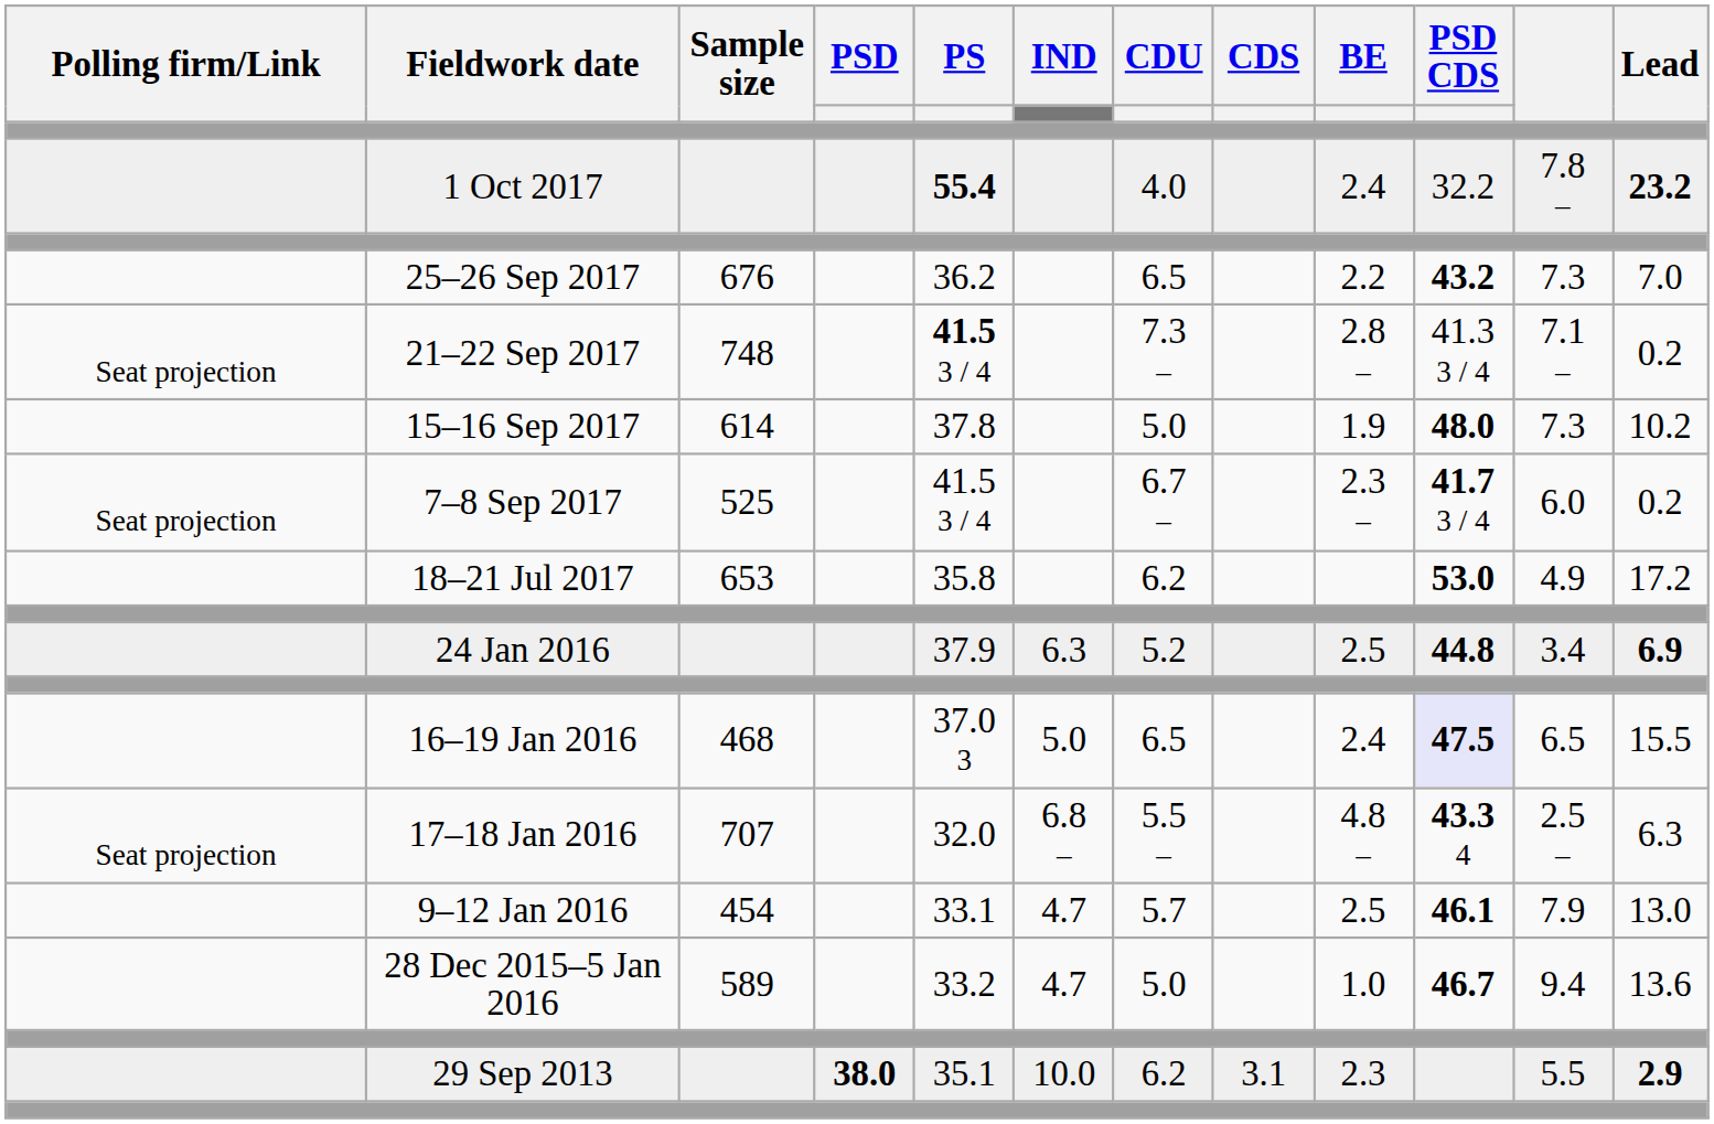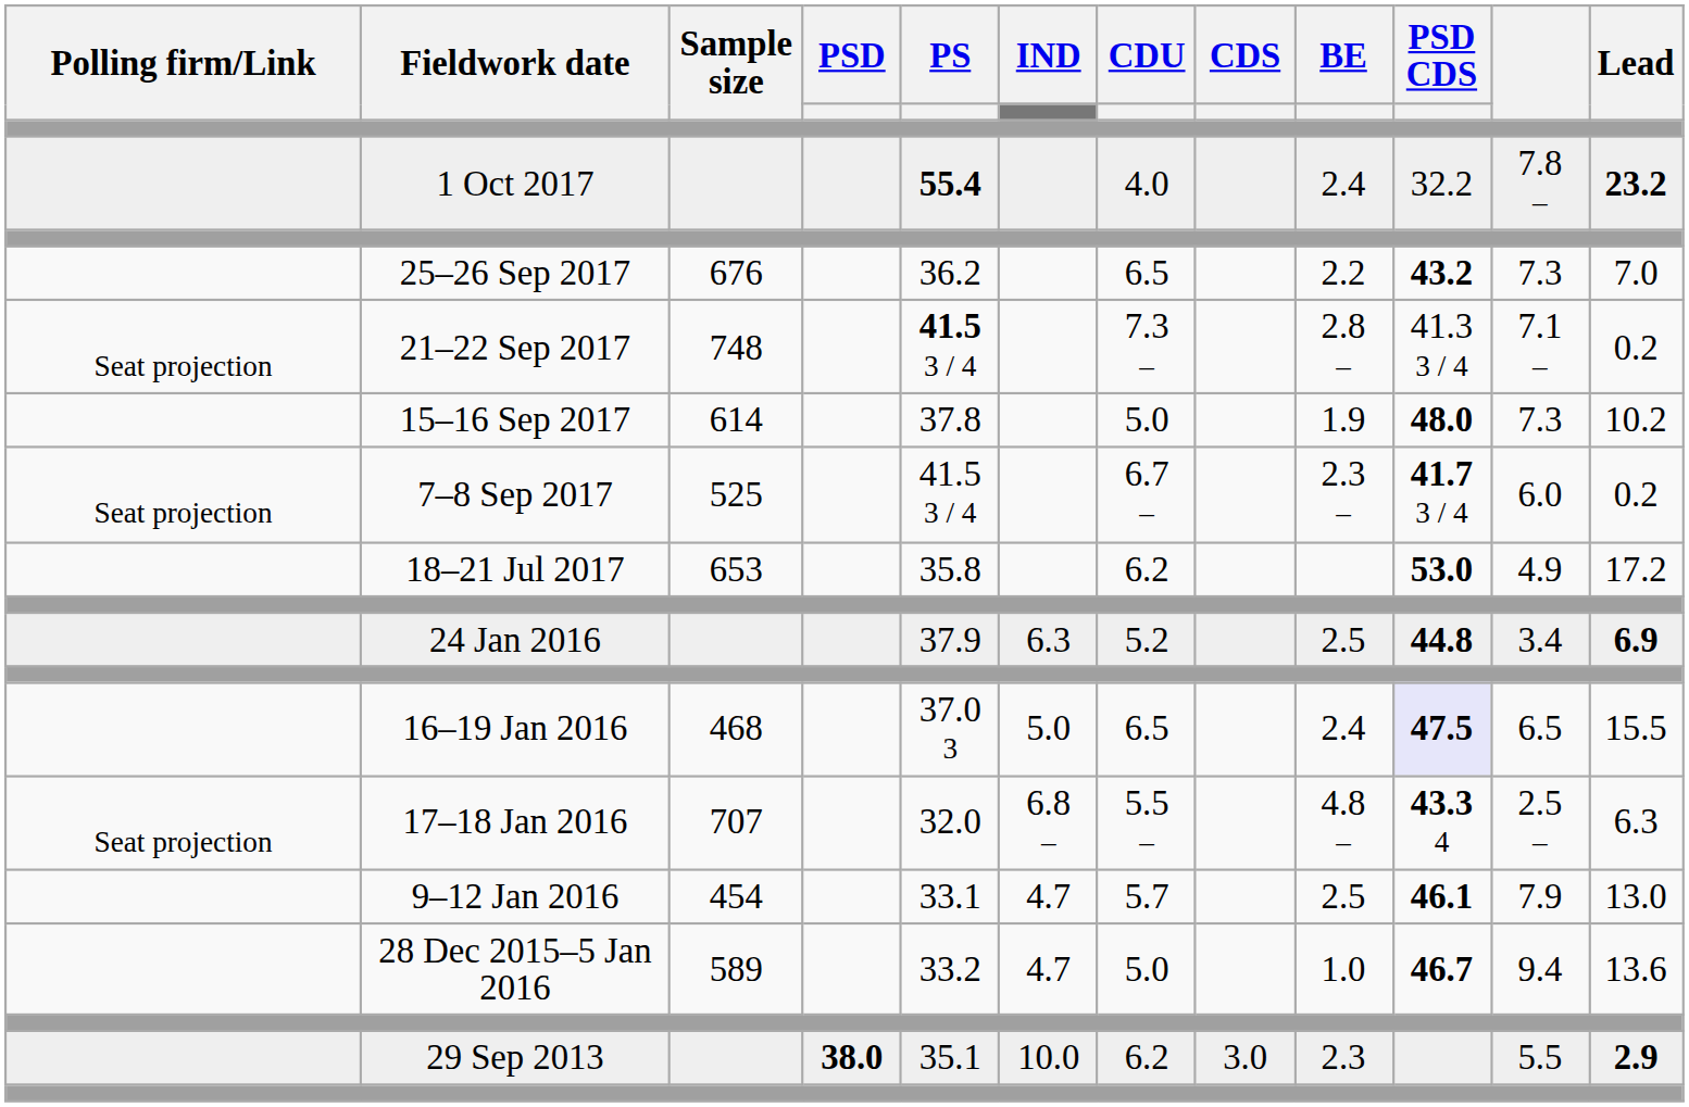 <table class="wikitable collapsible sortable" style="text-align:center; font-size:95%; line-height:16px;">
 <tr style="height:42px;">
 <th style="width:145px;" rowspan="2">Polling firm/Link</th>
 <th style="width:125px;" rowspan="2">Fieldwork date</th>
 <th class="unsortable" style="width:50px;" rowspan="2">Sample size</th>
 <th class="unsortable" style="width:35px;"><a href='#'>PSD</a></th>
 <th class="unsortable" style="width:35px;"><a href='#'>PS</a></th>
 <th class="unsortable" style="width:35px;"><a href='#'>IND</a></th>
 <th class="unsortable" style="width:35px;"><a href='#'>CDU</a></th>
 <th class="unsortable" style="width:35px;"><a href='#'>CDS</a></th>
 <th class="unsortable" style="width:35px;"><a href='#'>BE</a></th>
 <th class="unsortable" style="width:35px;"><a href='#'>PSD</a><br><a href='#'>CDS</a></th>
 <th class="unsortable" style="width:35px;" rowspan="2"></th>
 <th class="unsortable" style="width:30px;" rowspan="2">Lead</th>
 </tr>
 <tr>
 <th class="unsortable" style="color:inherit;background:"></th>
 <th class="unsortable" style="color:inherit;background:"></th>
 <th class="unsortable" style="color:inherit;background:#777777;"></th>
 <th class="unsortable" style="color:inherit;background:"></th>
 <th class="unsortable" style="color:inherit;background:"></th>
 <th class="unsortable" style="color:inherit;background:"></th>
 <th class="unsortable" style="color:inherit;background:"></th>
 </tr>
 <tr>
 <td colspan="12" style="background:#A0A0A0"></td>
 </tr>
 <tr style="background:#EFEFEF;">
 <td><strong></strong></td>
 <td data-sort-value="2019-10-06">1 Oct 2017</td>
 <td></td>
 <td></td>
 <td><strong>55.4</strong><br></td>
 <td></td>
 <td>4.0<br></td>
 <td></td>
 <td>2.4<br></td>
 <td>32.2<br></td>
 <td align="center">7.8<br><small>–</small></td>
 <td style="background:"><strong>23.2</strong></td>
 </tr>
 <tr>
 <td colspan="12" style="background:#A0A0A0"></td>
 </tr>
 <tr>
 <td align="center"></td>
 <td align="center">25–26 Sep 2017</td>
 <td>676</td>
 <td></td>
 <td align="center">36.2</td>
 <td></td>
 <td align="center">6.5</td>
 <td></td>
 <td align="center">2.2</td>
 <td align="center" ><strong>43.2</strong></td>
 <td align="center">7.3</td>
 <td style="background:">7.0</td>
 </tr>
 <tr>
 <td align="center"><br><small>Seat projection</small></td>
 <td align="center">21–22 Sep 2017</td>
 <td>748</td>
 <td></td>
 <td align="center" ><strong>41.5</strong><br><small>3 / 4</small></td>
 <td></td>
 <td align="center">7.3<br><small>–</small></td>
 <td></td>
 <td align="center">2.8<br><small>–</small></td>
 <td align="center">41.3<br><small>3 / 4</small></td>
 <td align="center">7.1<br><small>–</small></td>
 <td style="background:">0.2</td>
 </tr>
 <tr>
 <td align="center"></td>
 <td align="center">15–16 Sep 2017</td>
 <td>614</td>
 <td></td>
 <td align="center">37.8</td>
 <td></td>
 <td align="center">5.0</td>
 <td></td>
 <td align="center">1.9</td>
 <td align="center" ><strong>48.0</strong></td>
 <td align="center">7.3</td>
 <td style="background:">10.2</td>
 </tr>
 <tr>
 <td align="center"><br><small>Seat projection</small></td>
 <td align="center">7–8 Sep 2017</td>
 <td>525</td>
 <td></td>
 <td align="center">41.5<br><small>3 / 4</small></td>
 <td></td>
 <td align="center">6.7<br><small>–</small></td>
 <td></td>
 <td align="center">2.3<br><small>–</small></td>
 <td align="center" ><strong>41.7</strong><br><small>3 / 4</small></td>
 <td>6.0<br></td>
 <td style="background:">0.2</td>
 </tr>
 <tr>
 <td align="center"></td>
 <td align="center">18–21 Jul 2017</td>
 <td>653</td>
 <td></td>
 <td align="center">35.8</td>
 <td></td>
 <td align="center">6.2</td>
 <td></td>
 <td></td>
 <td align="center" ><strong>53.0</strong></td>
 <td align="center">4.9</td>
 <td style="background:">17.2</td>
 </tr>
 <tr>
 <td colspan="12" style="background:#A0A0A0"></td>
 </tr>
 <tr style="background:#EFEFEF;">
 <td><strong></strong></td>
 <td data-sort-value="2019-10-06">24 Jan 2016</td>
 <td></td>
 <td></td>
 <td>37.9<br></td>
 <td>6.3<br></td>
 <td>5.2<br></td>
 <td></td>
 <td>2.5<br></td>
 <td align="center" ><strong>44.8</strong><br></td>
 <td>3.4<br></td>
 <td style="background:"><strong>6.9</strong></td>
 </tr>
 <tr>
 <td colspan="12" style="background:#A0A0A0"></td>
 </tr>
 <tr>
 <td align="center"></td>
 <td align="center">16–19 Jan 2016</td>
 <td>468</td>
 <td></td>
 <td align="center">37.0<br><small>3</small></td>
 <td align="center">5.0</td>
 <td align="center">6.5</td>
 <td></td>
 <td align="center">2.4</td>
 <td align="center"  style="background: lavender;"><strong>47.5</strong></td>
 <td align="center">6.5</td>
 <td style="background:">15.5</td>
 </tr>
 <tr>
 <td align="center"><br><small>Seat projection</small></td>
 <td align="center">17–18 Jan 2016</td>
 <td>707</td>
 <td></td>
 <td align="center">32.0</td>
 <td align="center">6.8<br><small>–</small></td>
 <td align="center">5.5<br><small>–</small></td>
 <td></td>
 <td align="center">4.8<br><small>–</small></td>
 <td align="center" ><strong>43.3</strong><br><small>4</small></td>
 <td align="center">2.5<br><small>–</small></td>
 <td style="background:">6.3</td>
 </tr>
 <tr>
 <td align="center"></td>
 <td align="center">9–12 Jan 2016</td>
 <td>454</td>
 <td></td>
 <td align="center">33.1</td>
 <td align="center">4.7</td>
 <td align="center">5.7</td>
 <td></td>
 <td align="center">2.5</td>
 <td align="center" ><strong>46.1</strong></td>
 <td align="center">7.9</td>
 <td style="background:">13.0</td>
 </tr>
 <tr>
 <td align="center"></td>
 <td align="center">28 Dec 2015–5 Jan 2016</td>
 <td>589</td>
 <td></td>
 <td align="center">33.2</td>
 <td align="center">4.7</td>
 <td align="center">5.0</td>
 <td></td>
 <td align="center">1.0</td>
 <td align="center" ><strong>46.7</strong></td>
 <td align="center">9.4</td>
 <td style="background:">13.6</td>
 </tr>
 <tr>
 <td colspan="12" style="background:#A0A0A0"></td>
 </tr>
 <tr style="background:#EFEFEF;">
 <td><strong></strong></td>
 <td data-sort-value="2019-10-06">29 Sep 2013</td>
 <td></td>
 <td><strong>38.0</strong><br></td>
 <td>35.1<br></td>
 <td>10.0<br></td>
 <td>6.2<br></td>
-<td>3.1<br></td>
+<td>3.0<br></td>
 <td>2.3<br></td>
 <td></td>
 <td>5.5</td>
 <td style="background:"><strong>2.9</strong></td>
 </tr>
 <tr>
 <td colspan="12" style="background:#A0A0A0"></td>
 </tr>
 </table>
